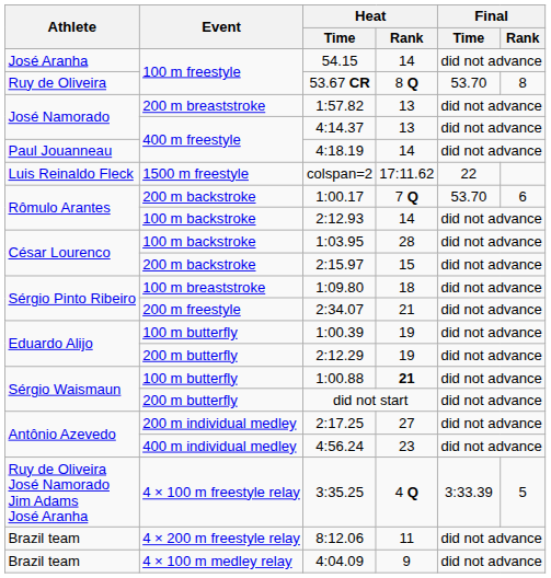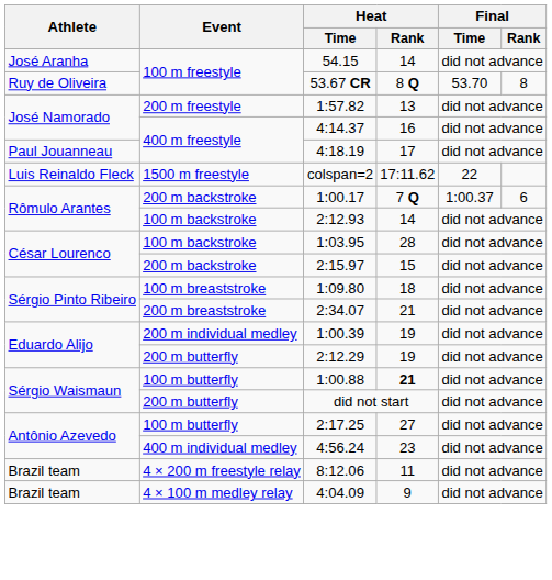 <table class="wikitable" style="text-align:center; font-size:90%">
 <tr>
 <th rowspan="2">Athlete</th>
 <th rowspan="2">Event</th>
 <th colspan="2">Heat</th>
 <th colspan="2">Final</th>
 </tr>
 <tr style="font-size:95%">
 <th>Time</th>
 <th>Rank</th>
 <th>Time</th>
 <th>Rank</th>
 </tr>
 <tr>
 <td align=left><a href='#'>José Aranha</a></td>
 <td align=left rowspan=2><a href='#'>100 m freestyle</a></td>
 <td>54.15</td>
 <td>14</td>
 <td colspan=2>did not advance</td>
 </tr>
 <tr>
 <td align=left><a href='#'>Ruy de Oliveira</a></td>
 <td>53.67 <strong>CR</strong></td>
 <td>8 <strong>Q</strong></td>
 <td>53.70</td>
 <td>8</td>
 </tr>
 <tr>
 <td align=left rowspan=2><a href='#'>José Namorado</a></td>
-<td align=left><a href='#'>200 m breaststroke</a></td>
+<td align=left><a href='#'>200 m freestyle</a></td>
 <td>1:57.82</td>
 <td>13</td>
 <td colspan=2>did not advance</td>
 </tr>
 <tr>
 <td align=left rowspan=2><a href='#'>400 m freestyle</a></td>
 <td>4:14.37</td>
-<td>13</td>
+<td>16</td>
 <td colspan=2>did not advance</td>
 </tr>
 <tr>
 <td align=left><a href='#'>Paul Jouanneau</a></td>
 <td>4:18.19</td>
-<td>14</td>
+<td>17</td>
 <td colspan=2>did not advance</td>
 </tr>
 <tr>
 <td align=left><a href='#'>Luis Reinaldo Fleck</a></td>
 <td align=left><a href='#'>1500 m freestyle</a></td>
 <td>colspan=2 </td>
 <td>17:11.62</td>
 <td>22</td>
 </tr>
 <tr>
 <td align=left rowspan=2><a href='#'>Rômulo Arantes</a></td>
 <td align=left><a href='#'>200 m backstroke</a></td>
 <td>1:00.17</td>
 <td>7 <strong>Q</strong></td>
-<td>53.70</td>
+<td>1:00.37</td>
 <td>6</td>
 </tr>
 <tr>
 <td align=left><a href='#'>100 m backstroke</a></td>
 <td>2:12.93</td>
 <td>14</td>
 <td colspan=2>did not advance</td>
 </tr>
 <tr>
 <td align=left rowspan=2><a href='#'>César Lourenco</a></td>
 <td align=left><a href='#'>100 m backstroke</a></td>
 <td>1:03.95</td>
 <td>28</td>
 <td colspan=2>did not advance</td>
 </tr>
 <tr>
 <td align=left><a href='#'>200 m backstroke</a></td>
 <td>2:15.97</td>
 <td>15</td>
 <td colspan=2>did not advance</td>
 </tr>
 <tr>
 <td align=left rowspan=2><a href='#'>Sérgio Pinto Ribeiro</a></td>
 <td align=left><a href='#'>100 m breaststroke</a></td>
 <td>1:09.80</td>
 <td>18</td>
 <td colspan=2>did not advance</td>
 </tr>
 <tr>
-<td align=left><a href='#'>200 m freestyle</a></td>
+<td align=left><a href='#'>200 m breaststroke</a></td>
 <td>2:34.07</td>
 <td>21</td>
 <td colspan=2>did not advance</td>
 </tr>
 <tr>
 <td align=left rowspan=2><a href='#'>Eduardo Alijo</a></td>
-<td align=left><a href='#'>100 m butterfly</a></td>
+<td align=left><a href='#'>200 m individual medley</a></td>
 <td>1:00.39</td>
 <td>19</td>
 <td colspan=2>did not advance</td>
 </tr>
 <tr>
 <td align=left><a href='#'>200 m butterfly</a></td>
 <td>2:12.29</td>
 <td>19</td>
 <td colspan=2>did not advance</td>
 </tr>
 <tr>
 <td align=left rowspan=2><a href='#'>Sérgio Waismaun</a></td>
 <td align=left><a href='#'>100 m butterfly</a></td>
 <td>1:00.88</td>
 <td><strong>21</strong></td>
 <td colspan=2>did not advance</td>
 </tr>
 <tr>
 <td align=left><a href='#'>200 m butterfly</a></td>
 <td colspan=2>did not start</td>
 <td colspan=2>did not advance</td>
 </tr>
 <tr>
 <td align=left rowspan=2><a href='#'>Antônio Azevedo</a></td>
-<td align=left><a href='#'>200 m individual medley</a></td>
+<td align=left><a href='#'>100 m butterfly</a></td>
 <td>2:17.25</td>
 <td>27</td>
 <td colspan=2>did not advance</td>
 </tr>
 <tr>
 <td align=left><a href='#'>400 m individual medley</a></td>
 <td>4:56.24</td>
 <td>23</td>
 <td colspan=2>did not advance</td>
-</tr>
-<tr>
-<td align=left><a href='#'>Ruy de Oliveira</a><br><a href='#'>José Namorado</a><br><a href='#'>Jim Adams</a><br><a href='#'>José Aranha</a></td>
-<td align=left><a href='#'>4 × 100 m freestyle relay</a></td>
-<td>3:35.25</td>
-<td>4 <strong>Q</strong></td>
-<td>3:33.39</td>
-<td>5</td>
 </tr>
 <tr>
 <td align=left>Brazil team</td>
 <td align=left><a href='#'>4 × 200 m freestyle relay</a></td>
 <td>8:12.06</td>
 <td>11</td>
 <td colspan=2>did not advance</td>
 </tr>
 <tr>
 <td align=left>Brazil team</td>
 <td align=left><a href='#'>4 × 100 m medley relay</a></td>
 <td>4:04.09</td>
 <td>9</td>
 <td colspan=2>did not advance</td>
 </tr>
 </table>
